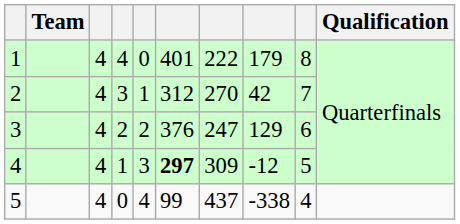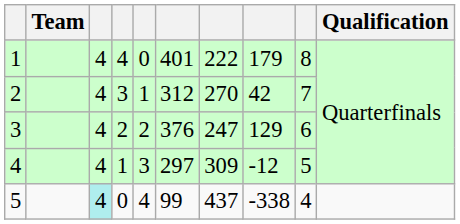 <table class="wikitable">
 <tr>
 <th></th>
 <th>Team</th>
 <th></th>
 <th></th>
 <th></th>
 <th></th>
 <th></th>
 <th></th>
 <th></th>
 <th>Qualification</th>
 </tr>
 <tr bgcolor=ccffcc>
 <td>1</td>
 <td></td>
 <td>4</td>
 <td>4</td>
 <td>0</td>
 <td>401</td>
 <td>222</td>
 <td>179</td>
 <td>8</td>
 <td rowspan=4>Quarterfinals</td>
 </tr>
 <tr bgcolor=ccffcc>
 <td>2</td>
 <td></td>
 <td>4</td>
 <td>3</td>
 <td>1</td>
 <td>312</td>
 <td>270</td>
 <td>42</td>
 <td>7</td>
 </tr>
 <tr bgcolor=ccffcc>
 <td>3</td>
 <td></td>
 <td>4</td>
 <td>2</td>
 <td>2</td>
 <td>376</td>
 <td>247</td>
 <td>129</td>
 <td>6</td>
 </tr>
 <tr bgcolor=ccffcc>
 <td>4</td>
 <td></td>
 <td>4</td>
 <td>1</td>
 <td>3</td>
-<td><strong>297</strong></td>
+<td>297</td>
 <td>309</td>
 <td>-12</td>
 <td>5</td>
 </tr>
 <tr>
 <td>5</td>
 <td></td>
-<td>4</td>
+<td style="background: paleturquoise;">4</td>
 <td>0</td>
 <td>4</td>
 <td>99</td>
 <td>437</td>
 <td>-338</td>
 <td>4</td>
 </tr>
 </table>
